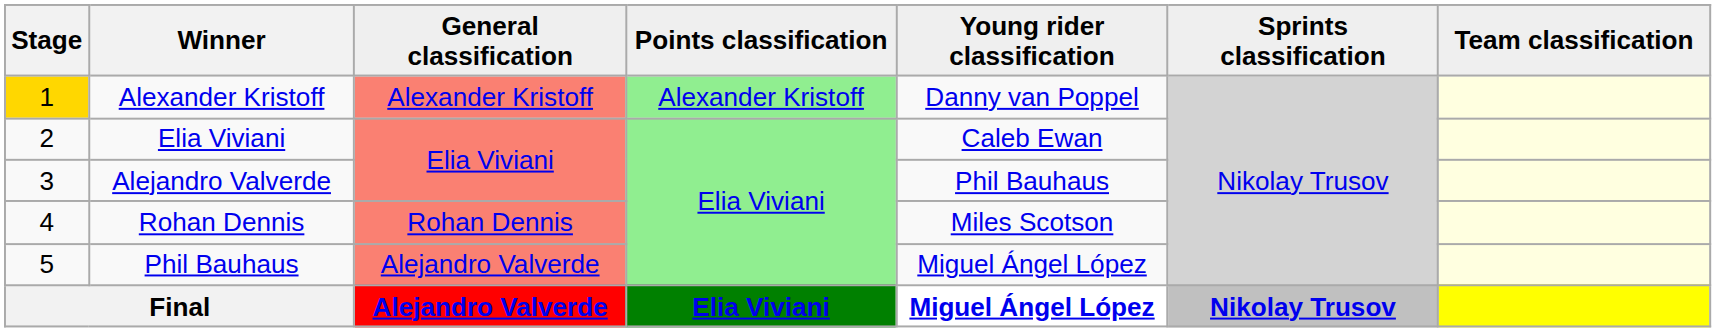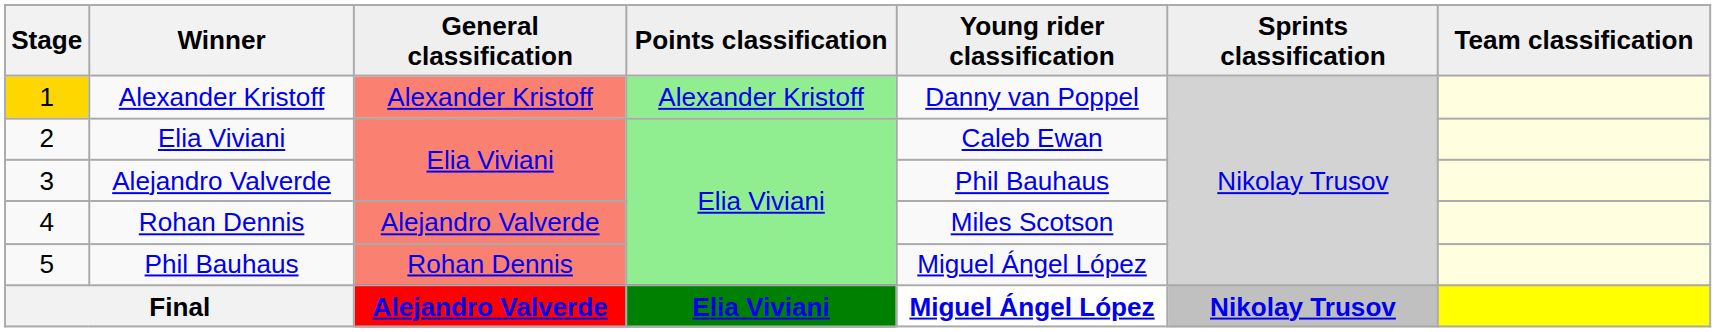 <table class="wikitable" style="text-align: center; font-size:smaller;">
 <tr style="background:#efefef;">
 <th style="width:1%;">Stage</th>
 <th style="width:16.5%;">Winner</th>
 <th style="background:#efefef; width:16.5%;">General classification<br></th>
 <th style="background:#efefef; width:16.5%;">Points classification<br></th>
 <th style="background:#efefef; width:16.5%;">Young rider classification<br></th>
 <th style="background:#efefef; width:16.5%;">Sprints classification<br></th>
 <th style="background:#efefef; width:16.5%;">Team classification</th>
 </tr>
 <tr>
 <td style="background: gold;">1</td>
 <td><a href='#'>Alexander Kristoff</a></td>
 <td style="background:salmon;"><a href='#'>Alexander Kristoff</a></td>
 <td style="background:lightgreen;"><a href='#'>Alexander Kristoff</a></td>
 <td style="background:offwhite;"><a href='#'>Danny van Poppel</a></td>
 <td style="background:lightgrey;" rowspan=5><a href='#'>Nikolay Trusov</a></td>
 <td style="background:lightyellow;"></td>
 </tr>
 <tr>
 <td>2</td>
 <td><a href='#'>Elia Viviani</a></td>
 <td style="background:salmon;" rowspan=2><a href='#'>Elia Viviani</a></td>
 <td style="background:lightgreen;" rowspan=4><a href='#'>Elia Viviani</a></td>
 <td style="background:offwhite;"><a href='#'>Caleb Ewan</a></td>
 <td style="background:lightyellow;"></td>
 </tr>
 <tr>
 <td>3</td>
 <td><a href='#'>Alejandro Valverde</a></td>
 <td style="background:offwhite;"><a href='#'>Phil Bauhaus</a></td>
 <td style="background:lightyellow;"></td>
 </tr>
 <tr>
 <td>4</td>
 <td><a href='#'>Rohan Dennis</a></td>
-<td style="background:salmon;"><a href='#'>Rohan Dennis</a></td>
+<td style="background:salmon;"><a href='#'>Alejandro Valverde</a></td>
 <td style="background:offwhite;"><a href='#'>Miles Scotson</a></td>
 <td style="background:lightyellow;"></td>
 </tr>
 <tr>
 <td>5</td>
 <td><a href='#'>Phil Bauhaus</a></td>
-<td style="background:salmon;"><a href='#'>Alejandro Valverde</a></td>
+<td style="background:salmon;"><a href='#'>Rohan Dennis</a></td>
 <td style="background:offwhite;"><a href='#'>Miguel Ángel López</a></td>
 <td style="background:lightyellow;"></td>
 </tr>
 <tr>
 <th colspan=2>Final</th>
 <th style="background:red;"><a href='#'>Alejandro Valverde</a></th>
 <th style="background:green;"><a href='#'>Elia Viviani</a></th>
 <th style="background:white;"><a href='#'>Miguel Ángel López</a></th>
 <th style="background:silver;"><a href='#'>Nikolay Trusov</a></th>
 <th style="background:yellow;"></th>
 </tr>
 </table>
